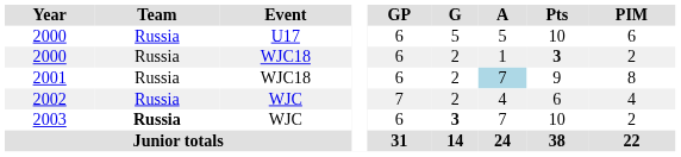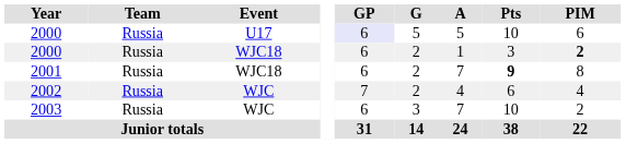 <table border="0" cellpadding="1" cellspacing="0" style="text-align:center; width:40em">
 <tr ALIGN="center" bgcolor="#e0e0e0">
 <th>Year</th>
 <th>Team</th>
 <th>Event</th>
 <th rowspan="99" bgcolor="#ffffff"> </th>
 <th>GP</th>
 <th>G</th>
 <th>A</th>
 <th>Pts</th>
 <th>PIM</th>
 </tr>
 <tr>
 <td><a href='#'>2000</a></td>
 <td><a href='#'>Russia</a></td>
 <td><a href='#'>U17</a></td>
-<td>6</td>
+<td style="background: lavender;">6</td>
 <td>5</td>
 <td>5</td>
 <td>10</td>
 <td>6</td>
 </tr>
 <tr bgcolor="#f0f0f0">
 <td><a href='#'>2000</a></td>
 <td>Russia</td>
 <td><a href='#'>WJC18</a></td>
 <td>6</td>
 <td>2</td>
 <td>1</td>
-<td><strong>3</strong></td>
-<td>2</td>
+<td>3</td>
+<td><strong>2</strong></td>
 </tr>
 <tr>
 <td><a href='#'>2001</a></td>
 <td>Russia</td>
 <td>WJC18</td>
 <td>6</td>
 <td>2</td>
-<td style="background: lightblue;">7</td>
-<td>9</td>
+<td>7</td>
+<td><strong>9</strong></td>
 <td>8</td>
 </tr>
 <tr bgcolor="#f0f0f0">
 <td><a href='#'>2002</a></td>
 <td><a href='#'>Russia</a></td>
 <td><a href='#'>WJC</a></td>
 <td>7</td>
 <td>2</td>
 <td>4</td>
 <td>6</td>
 <td>4</td>
 </tr>
 <tr>
 <td><a href='#'>2003</a></td>
-<td><strong>Russia</strong></td>
+<td>Russia</td>
 <td>WJC</td>
 <td>6</td>
-<td><strong>3</strong></td>
+<td>3</td>
 <td>7</td>
 <td>10</td>
 <td>2</td>
 </tr>
 <tr bgcolor="#e0e0e0">
 <th colspan="3">Junior totals</th>
 <th>31</th>
 <th>14</th>
 <th>24</th>
 <th>38</th>
 <th>22</th>
 </tr>
 </table>
